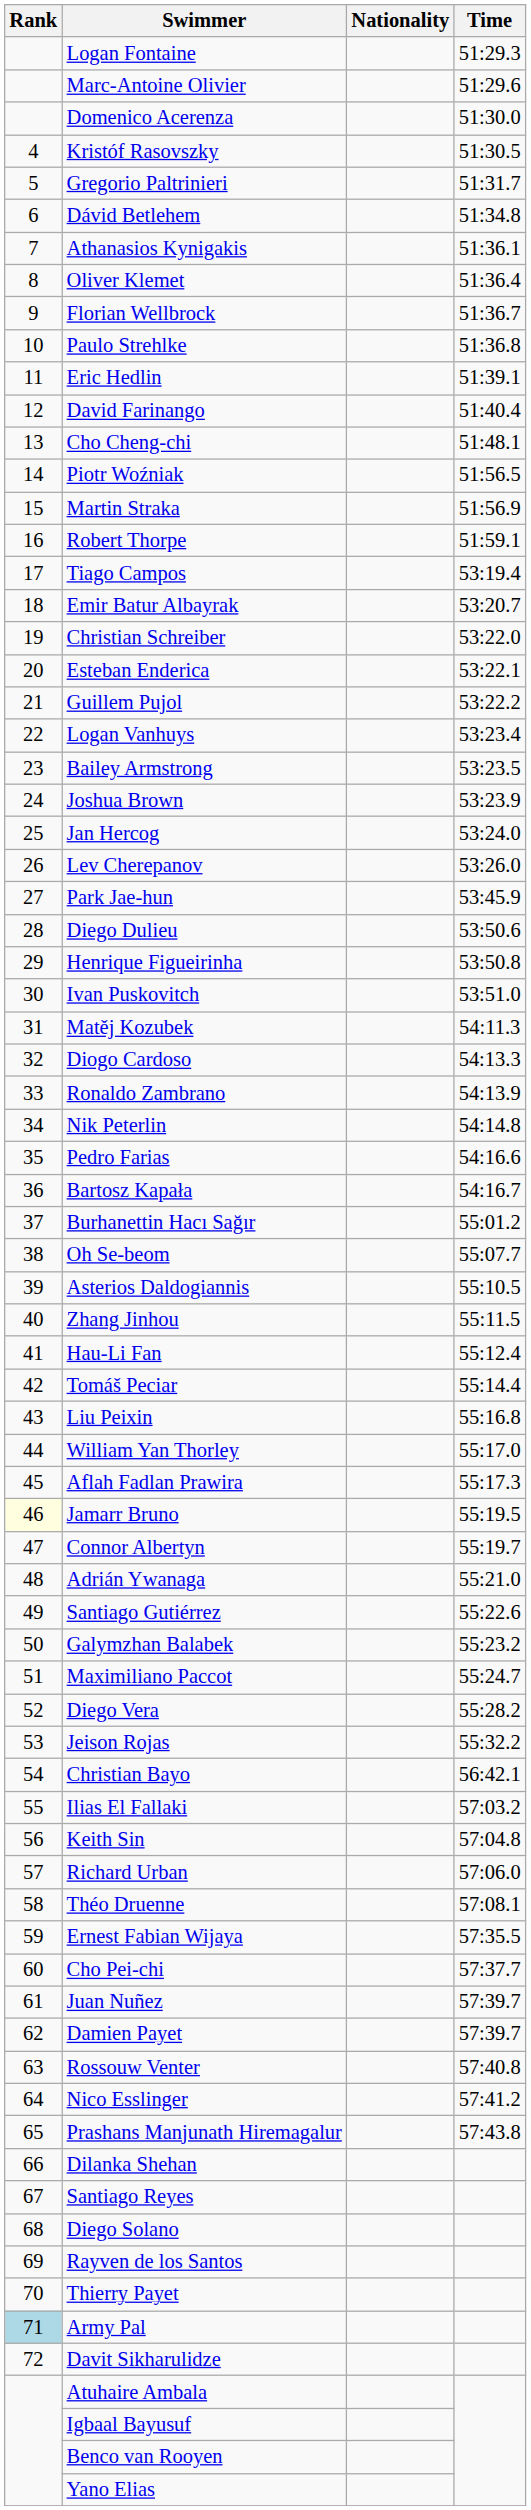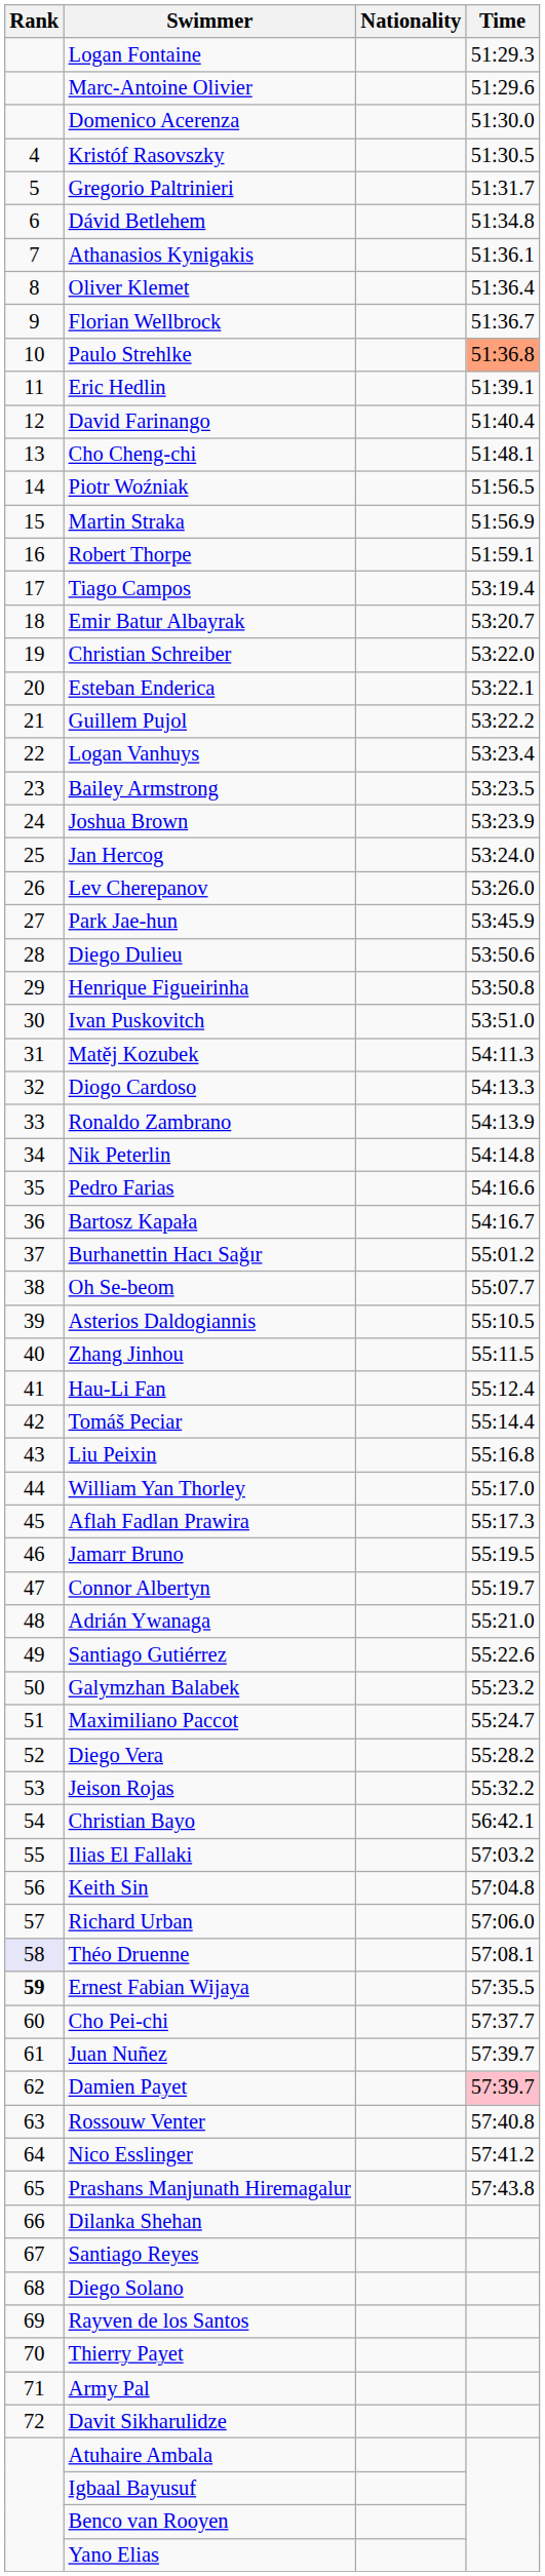 <table class="wikitable sortable" style="text-align:center">
 <tr>
 <th>Rank</th>
 <th>Swimmer</th>
 <th>Nationality</th>
 <th>Time</th>
 </tr>
 <tr>
 <td></td>
 <td align=left><a href='#'>Logan Fontaine</a></td>
 <td align=left></td>
 <td>51:29.3</td>
 </tr>
 <tr>
 <td></td>
 <td align=left><a href='#'>Marc-Antoine Olivier</a></td>
 <td align=left></td>
 <td>51:29.6</td>
 </tr>
 <tr>
 <td></td>
 <td align=left><a href='#'>Domenico Acerenza</a></td>
 <td align=left></td>
 <td>51:30.0</td>
 </tr>
 <tr>
 <td>4</td>
 <td align=left><a href='#'>Kristóf Rasovszky</a></td>
 <td align=left></td>
 <td>51:30.5</td>
 </tr>
 <tr>
 <td>5</td>
 <td align=left><a href='#'>Gregorio Paltrinieri</a></td>
 <td align=left></td>
 <td>51:31.7</td>
 </tr>
 <tr>
 <td>6</td>
 <td align=left><a href='#'>Dávid Betlehem</a></td>
 <td align=left></td>
 <td>51:34.8</td>
 </tr>
 <tr>
 <td>7</td>
 <td align=left><a href='#'>Athanasios Kynigakis</a></td>
 <td align=left></td>
 <td>51:36.1</td>
 </tr>
 <tr>
 <td>8</td>
 <td align=left><a href='#'>Oliver Klemet</a></td>
 <td align=left></td>
 <td>51:36.4</td>
 </tr>
 <tr>
 <td>9</td>
 <td align=left><a href='#'>Florian Wellbrock</a></td>
 <td align=left></td>
 <td>51:36.7</td>
 </tr>
 <tr>
 <td>10</td>
 <td align=left><a href='#'>Paulo Strehlke</a></td>
 <td align=left></td>
-<td>51:36.8</td>
+<td style="background: lightsalmon;">51:36.8</td>
 </tr>
 <tr>
 <td>11</td>
 <td align=left><a href='#'>Eric Hedlin</a></td>
 <td align=left></td>
 <td>51:39.1</td>
 </tr>
 <tr>
 <td>12</td>
 <td align=left><a href='#'>David Farinango</a></td>
 <td align=left></td>
 <td>51:40.4</td>
 </tr>
 <tr>
 <td>13</td>
 <td align=left><a href='#'>Cho Cheng-chi</a></td>
 <td align=left></td>
 <td>51:48.1</td>
 </tr>
 <tr>
 <td>14</td>
 <td align=left><a href='#'>Piotr Woźniak</a></td>
 <td align=left></td>
 <td>51:56.5</td>
 </tr>
 <tr>
 <td>15</td>
 <td align=left><a href='#'>Martin Straka</a></td>
 <td align=left></td>
 <td>51:56.9</td>
 </tr>
 <tr>
 <td>16</td>
 <td align=left><a href='#'>Robert Thorpe</a></td>
 <td align=left></td>
 <td>51:59.1</td>
 </tr>
 <tr>
 <td>17</td>
 <td align=left><a href='#'>Tiago Campos</a></td>
 <td align=left></td>
 <td>53:19.4</td>
 </tr>
 <tr>
 <td>18</td>
 <td align=left><a href='#'>Emir Batur Albayrak</a></td>
 <td align=left></td>
 <td>53:20.7</td>
 </tr>
 <tr>
 <td>19</td>
 <td align=left><a href='#'>Christian Schreiber</a></td>
 <td align=left></td>
 <td>53:22.0</td>
 </tr>
 <tr>
 <td>20</td>
 <td align=left><a href='#'>Esteban Enderica</a></td>
 <td align=left></td>
 <td>53:22.1</td>
 </tr>
 <tr>
 <td>21</td>
 <td align=left><a href='#'>Guillem Pujol</a></td>
 <td align=left></td>
 <td>53:22.2</td>
 </tr>
 <tr>
 <td>22</td>
 <td align=left><a href='#'>Logan Vanhuys</a></td>
 <td align=left></td>
 <td>53:23.4</td>
 </tr>
 <tr>
 <td>23</td>
 <td align=left><a href='#'>Bailey Armstrong</a></td>
 <td align=left></td>
 <td>53:23.5</td>
 </tr>
 <tr>
 <td>24</td>
 <td align=left><a href='#'>Joshua Brown</a></td>
 <td align=left></td>
 <td>53:23.9</td>
 </tr>
 <tr>
 <td>25</td>
 <td align=left><a href='#'>Jan Hercog</a></td>
 <td align=left></td>
 <td>53:24.0</td>
 </tr>
 <tr>
 <td>26</td>
 <td align=left><a href='#'>Lev Cherepanov</a></td>
 <td align=left></td>
 <td>53:26.0</td>
 </tr>
 <tr>
 <td>27</td>
 <td align=left><a href='#'>Park Jae-hun</a></td>
 <td align=left></td>
 <td>53:45.9</td>
 </tr>
 <tr>
 <td>28</td>
 <td align=left><a href='#'>Diego Dulieu</a></td>
 <td align=left></td>
 <td>53:50.6</td>
 </tr>
 <tr>
 <td>29</td>
 <td align=left><a href='#'>Henrique Figueirinha</a></td>
 <td align=left></td>
 <td>53:50.8</td>
 </tr>
 <tr>
 <td>30</td>
 <td align=left><a href='#'>Ivan Puskovitch</a></td>
 <td align=left></td>
 <td>53:51.0</td>
 </tr>
 <tr>
 <td>31</td>
 <td align=left><a href='#'>Matěj Kozubek</a></td>
 <td align=left></td>
 <td>54:11.3</td>
 </tr>
 <tr>
 <td>32</td>
 <td align=left><a href='#'>Diogo Cardoso</a></td>
 <td align=left></td>
 <td>54:13.3</td>
 </tr>
 <tr>
 <td>33</td>
 <td align=left><a href='#'>Ronaldo Zambrano</a></td>
 <td align=left></td>
 <td>54:13.9</td>
 </tr>
 <tr>
 <td>34</td>
 <td align=left><a href='#'>Nik Peterlin</a></td>
 <td align=left></td>
 <td>54:14.8</td>
 </tr>
 <tr>
 <td>35</td>
 <td align=left><a href='#'>Pedro Farias</a></td>
 <td align=left></td>
 <td>54:16.6</td>
 </tr>
 <tr>
 <td>36</td>
 <td align=left><a href='#'>Bartosz Kapała</a></td>
 <td align=left></td>
 <td>54:16.7</td>
 </tr>
 <tr>
 <td>37</td>
 <td align=left><a href='#'>Burhanettin Hacı Sağır</a></td>
 <td align=left></td>
 <td>55:01.2</td>
 </tr>
 <tr>
 <td>38</td>
 <td align=left><a href='#'>Oh Se-beom</a></td>
 <td align=left></td>
 <td>55:07.7</td>
 </tr>
 <tr>
 <td>39</td>
 <td align=left><a href='#'>Asterios Daldogiannis</a></td>
 <td align=left></td>
 <td>55:10.5</td>
 </tr>
 <tr>
 <td>40</td>
 <td align=left><a href='#'>Zhang Jinhou</a></td>
 <td align=left></td>
 <td>55:11.5</td>
 </tr>
 <tr>
 <td>41</td>
 <td align=left><a href='#'>Hau-Li Fan</a></td>
 <td align=left></td>
 <td>55:12.4</td>
 </tr>
 <tr>
 <td>42</td>
 <td align=left><a href='#'>Tomáš Peciar</a></td>
 <td align=left></td>
 <td>55:14.4</td>
 </tr>
 <tr>
 <td>43</td>
 <td align=left><a href='#'>Liu Peixin</a></td>
 <td align=left></td>
 <td>55:16.8</td>
 </tr>
 <tr>
 <td>44</td>
 <td align=left><a href='#'>William Yan Thorley</a></td>
 <td align=left></td>
 <td>55:17.0</td>
 </tr>
 <tr>
 <td>45</td>
 <td align=left><a href='#'>Aflah Fadlan Prawira</a></td>
 <td align=left></td>
 <td>55:17.3</td>
 </tr>
 <tr>
-<td style="background: lightyellow;">46</td>
+<td>46</td>
 <td align=left><a href='#'>Jamarr Bruno</a></td>
 <td align=left></td>
 <td>55:19.5</td>
 </tr>
 <tr>
 <td>47</td>
 <td align=left><a href='#'>Connor Albertyn</a></td>
 <td align=left></td>
 <td>55:19.7</td>
 </tr>
 <tr>
 <td>48</td>
 <td align=left><a href='#'>Adrián Ywanaga</a></td>
 <td align=left></td>
 <td>55:21.0</td>
 </tr>
 <tr>
 <td>49</td>
 <td align=left><a href='#'>Santiago Gutiérrez</a></td>
 <td align=left></td>
 <td>55:22.6</td>
 </tr>
 <tr>
 <td>50</td>
 <td align=left><a href='#'>Galymzhan Balabek</a></td>
 <td align=left></td>
 <td>55:23.2</td>
 </tr>
 <tr>
 <td>51</td>
 <td align=left><a href='#'>Maximiliano Paccot</a></td>
 <td align=left></td>
 <td>55:24.7</td>
 </tr>
 <tr>
 <td>52</td>
 <td align=left><a href='#'>Diego Vera</a></td>
 <td align=left></td>
 <td>55:28.2</td>
 </tr>
 <tr>
 <td>53</td>
 <td align=left><a href='#'>Jeison Rojas</a></td>
 <td align=left></td>
 <td>55:32.2</td>
 </tr>
 <tr>
 <td>54</td>
 <td align=left><a href='#'>Christian Bayo</a></td>
 <td align=left></td>
 <td>56:42.1</td>
 </tr>
 <tr>
 <td>55</td>
 <td align=left><a href='#'>Ilias El Fallaki</a></td>
 <td align=left></td>
 <td>57:03.2</td>
 </tr>
 <tr>
 <td>56</td>
 <td align=left><a href='#'>Keith Sin</a></td>
 <td align=left></td>
 <td>57:04.8</td>
 </tr>
 <tr>
 <td>57</td>
 <td align=left><a href='#'>Richard Urban</a></td>
 <td align=left></td>
 <td>57:06.0</td>
 </tr>
 <tr>
-<td>58</td>
+<td style="background: lavender;">58</td>
 <td align=left><a href='#'>Théo Druenne</a></td>
 <td align=left></td>
 <td>57:08.1</td>
 </tr>
 <tr>
-<td>59</td>
+<td><strong>59</strong></td>
 <td align=left><a href='#'>Ernest Fabian Wijaya</a></td>
 <td align=left></td>
 <td>57:35.5</td>
 </tr>
 <tr>
 <td>60</td>
 <td align=left><a href='#'>Cho Pei-chi</a></td>
 <td align=left></td>
 <td>57:37.7</td>
 </tr>
 <tr>
 <td>61</td>
 <td align=left><a href='#'>Juan Nuñez</a></td>
 <td align=left></td>
 <td>57:39.7</td>
 </tr>
 <tr>
 <td>62</td>
 <td align=left><a href='#'>Damien Payet</a></td>
 <td align=left></td>
-<td>57:39.7</td>
+<td style="background: pink;">57:39.7</td>
 </tr>
 <tr>
 <td>63</td>
 <td align=left><a href='#'>Rossouw Venter</a></td>
 <td align=left></td>
 <td>57:40.8</td>
 </tr>
 <tr>
 <td>64</td>
 <td align=left><a href='#'>Nico Esslinger</a></td>
 <td align=left></td>
 <td>57:41.2</td>
 </tr>
 <tr>
 <td>65</td>
 <td align=left><a href='#'>Prashans Manjunath Hiremagalur</a></td>
 <td align=left></td>
 <td>57:43.8</td>
 </tr>
 <tr>
 <td>66</td>
 <td align=left><a href='#'>Dilanka Shehan</a></td>
 <td align=left></td>
 <td></td>
 </tr>
 <tr>
 <td>67</td>
 <td align=left><a href='#'>Santiago Reyes</a></td>
 <td align=left></td>
 <td></td>
 </tr>
 <tr>
 <td>68</td>
 <td align=left><a href='#'>Diego Solano</a></td>
 <td align=left></td>
 <td></td>
 </tr>
 <tr>
 <td>69</td>
 <td align=left><a href='#'>Rayven de los Santos</a></td>
 <td align=left></td>
 <td></td>
 </tr>
 <tr>
 <td>70</td>
 <td align=left><a href='#'>Thierry Payet</a></td>
 <td align=left></td>
 <td></td>
 </tr>
 <tr>
-<td style="background: lightblue;">71</td>
+<td>71</td>
 <td align=left><a href='#'>Army Pal</a></td>
 <td align=left></td>
 <td></td>
 </tr>
 <tr>
 <td>72</td>
 <td align=left><a href='#'>Davit Sikharulidze</a></td>
 <td align=left></td>
 <td></td>
 </tr>
 <tr>
 <td rowspan=4></td>
 <td align=left><a href='#'>Atuhaire Ambala</a></td>
 <td align=left></td>
 <td rowspan=4></td>
 </tr>
 <tr>
 <td align=left><a href='#'>Igbaal Bayusuf</a></td>
 <td align=left></td>
 </tr>
 <tr>
 <td align=left><a href='#'>Benco van Rooyen</a></td>
 <td align=left></td>
 </tr>
 <tr>
 <td align=left><a href='#'>Yano Elias</a></td>
 <td align=left></td>
 </tr>
 </table>
